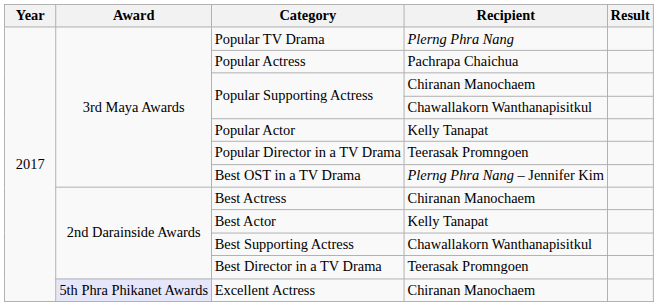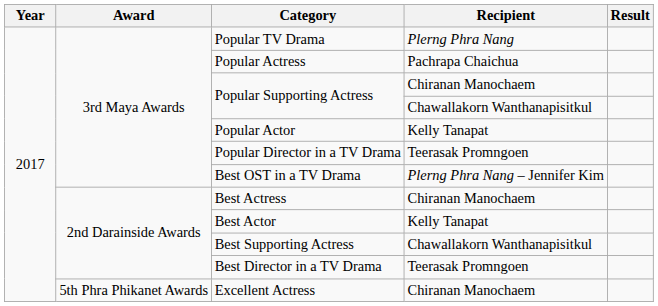 <table class="wikitable">
 <tr>
 <th style="width:50px;">Year</th>
 <th>Award</th>
 <th>Category</th>
 <th>Recipient</th>
 <th>Result</th>
 </tr>
 <tr>
 <td rowspan="67" style="text-align:center">2017</td>
 <td rowspan="7" style="text-align:center">3rd Maya Awards</td>
 <td>Popular TV Drama</td>
 <td><em>Plerng Phra Nang</em></td>
 <td></td>
 </tr>
 <tr>
 <td>Popular Actress</td>
 <td>Pachrapa Chaichua</td>
 <td></td>
 </tr>
 <tr>
 <td rowspan="2">Popular Supporting Actress</td>
 <td>Chiranan Manochaem</td>
 <td></td>
 </tr>
 <tr>
 <td>Chawallakorn Wanthanapisitkul</td>
 <td></td>
 </tr>
 <tr>
 <td>Popular Actor</td>
 <td>Kelly Tanapat</td>
 <td></td>
 </tr>
 <tr>
 <td>Popular Director in a TV Drama</td>
 <td>Teerasak Promngoen</td>
 <td></td>
 </tr>
 <tr>
 <td>Best OST in a TV Drama</td>
 <td><em>Plerng Phra Nang</em> – Jennifer Kim</td>
 <td></td>
 </tr>
 <tr>
 <td rowspan="4" style="text-align:center">2nd Darainside Awards</td>
 <td>Best Actress</td>
 <td>Chiranan Manochaem</td>
 <td></td>
 </tr>
 <tr>
 <td>Best Actor</td>
 <td>Kelly Tanapat</td>
 <td></td>
 </tr>
 <tr>
 <td>Best Supporting Actress</td>
 <td>Chawallakorn Wanthanapisitkul</td>
 <td></td>
 </tr>
 <tr>
 <td>Best Director in a TV Drama</td>
 <td>Teerasak Promngoen</td>
 <td></td>
 </tr>
 <tr>
-<td rowspan="1" style="background: lavender; text-align:center">5th Phra Phikanet Awards</td>
+<td rowspan="1" style="text-align:center">5th Phra Phikanet Awards</td>
 <td>Excellent Actress</td>
 <td>Chiranan Manochaem</td>
 <td></td>
 </tr>
 </table>
